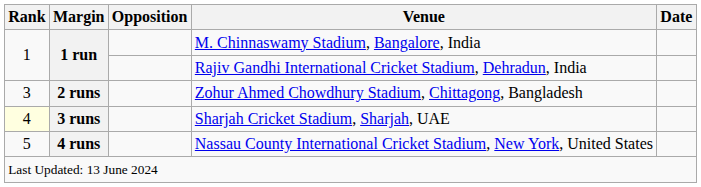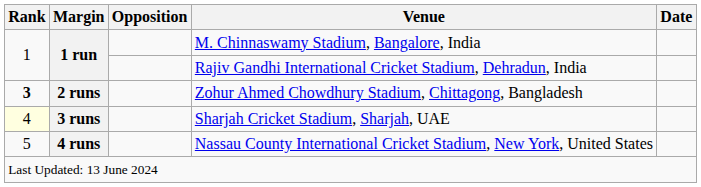 <table class="wikitable plainrowheaders sortable">
 <tr>
 <th scope=col>Rank</th>
 <th scope=col>Margin</th>
 <th scope=col>Opposition</th>
 <th scope=col>Venue</th>
 <th scope=col>Date</th>
 </tr>
 <tr>
 <td align=center rowspan=2>1</td>
 <th scope=row style=text-align:center; rowspan=2>1 run</th>
 <td></td>
 <td><a href='#'>M. Chinnaswamy Stadium</a>, <a href='#'>Bangalore</a>, India</td>
 <td> </td>
 </tr>
 <tr>
 <td></td>
 <td><a href='#'>Rajiv Gandhi International Cricket Stadium</a>, <a href='#'>Dehradun</a>, India</td>
 <td></td>
 </tr>
 <tr>
-<td align=center>3</td>
+<td align=center><strong>3</strong></td>
 <th scope=row style=text-align:center;>2 runs</th>
 <td></td>
 <td><a href='#'>Zohur Ahmed Chowdhury Stadium</a>, <a href='#'>Chittagong</a>, Bangladesh</td>
 <td></td>
 </tr>
 <tr>
 <td align=center style="background: lightyellow;">4</td>
 <th scope=row style=text-align:center;>3 runs</th>
 <td></td>
 <td><a href='#'>Sharjah Cricket Stadium</a>, <a href='#'>Sharjah</a>, UAE</td>
 <td> </td>
 </tr>
 <tr>
 <td align=center>5</td>
 <th scope=row style=text-align:center;>4 runs</th>
 <td></td>
 <td><a href='#'>Nassau County International Cricket Stadium</a>, <a href='#'>New York</a>, United States</td>
 <td> </td>
 </tr>
 <tr>
 </tr>
 <tr class=sortbottom>
 <td colspan=5><small>Last Updated: 13 June 2024</small></td>
 </tr>
 </table>
